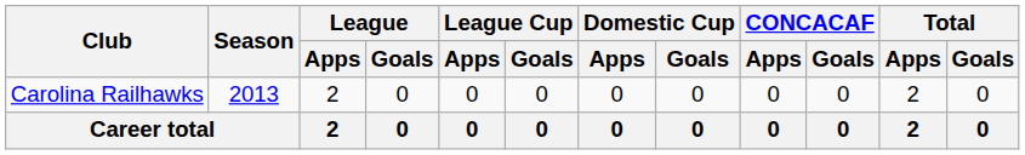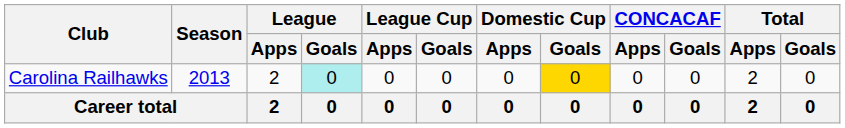 <table class="wikitable" style="text-align: center;">
 <tr>
 <th rowspan="2">Club</th>
 <th rowspan="2">Season</th>
 <th colspan="2">League</th>
 <th colspan="2">League Cup</th>
 <th colspan="2">Domestic Cup</th>
 <th colspan="2"><a href='#'>CONCACAF</a></th>
 <th colspan="2">Total</th>
 </tr>
 <tr>
 <th>Apps</th>
 <th>Goals</th>
 <th>Apps</th>
 <th>Goals</th>
 <th>Apps</th>
 <th>Goals</th>
 <th>Apps</th>
 <th>Goals</th>
 <th>Apps</th>
 <th>Goals</th>
 </tr>
 <tr>
 <td rowspan="1"><a href='#'>Carolina Railhawks</a></td>
 <td><a href='#'>2013</a></td>
 <td>2</td>
+<td style="background: paleturquoise;">0</td>
 <td>0</td>
 <td>0</td>
 <td>0</td>
-<td>0</td>
-<td>0</td>
+<td style="background: gold;">0</td>
 <td>0</td>
 <td>0</td>
 <td>2</td>
 <td>0</td>
 </tr>
 <tr>
 <th colspan="2">Career total</th>
 <th>2</th>
 <th>0</th>
 <th>0</th>
 <th>0</th>
 <th>0</th>
 <th>0</th>
 <th>0</th>
 <th>0</th>
 <th>2</th>
 <th>0</th>
 </tr>
 </table>
